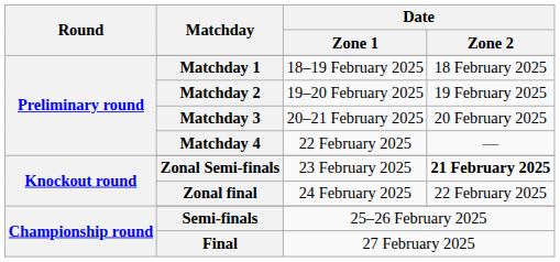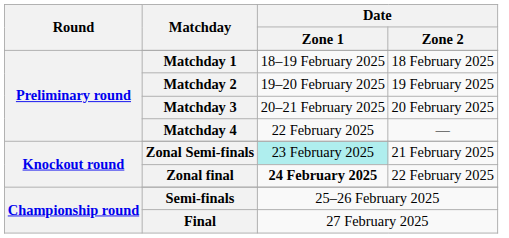 <table class="wikitable" style="text-align:center">
 <tr>
 <th align="center" rowspan="2">Round</th>
 <th align="center" rowspan="2">Matchday</th>
 <th align="center" colspan="4">Date</th>
 </tr>
 <tr>
 <th>Zone 1</th>
 <th>Zone 2</th>
 </tr>
 <tr>
 <th rowspan="5"><a href='#'>Preliminary round</a></th>
 </tr>
 <tr>
 <th>Matchday 1</th>
 <td>18–19 February 2025</td>
 <td>18 February 2025</td>
 </tr>
 <tr>
 <th>Matchday 2</th>
 <td>19–20 February 2025</td>
 <td>19 February 2025</td>
 </tr>
 <tr>
 <th>Matchday 3</th>
 <td>20–21 February 2025</td>
 <td>20 February 2025</td>
 </tr>
 <tr>
 <th>Matchday 4</th>
 <td>22 February 2025</td>
 <td align="center">—</td>
 </tr>
 <tr>
 <th rowspan="3"><a href='#'>Knockout round</a></th>
 </tr>
 <tr>
 <th>Zonal Semi-finals</th>
-<td>23 February 2025</td>
-<td><strong>21 February 2025</strong></td>
+<td style="background: paleturquoise;">23 February 2025</td>
+<td>21 February 2025</td>
 </tr>
 <tr>
 <th>Zonal final</th>
-<td>24 February 2025</td>
+<td><strong>24 February 2025</strong></td>
 <td>22 February 2025</td>
 </tr>
 <tr>
 <th rowspan="5"><a href='#'>Championship round</a></th>
 </tr>
 <tr>
 <th>Semi-finals</th>
 <td colspan="2">25–26 February 2025</td>
 </tr>
 <tr>
 <th>Final</th>
 <td colspan="2">27 February 2025</td>
 </tr>
 </table>
